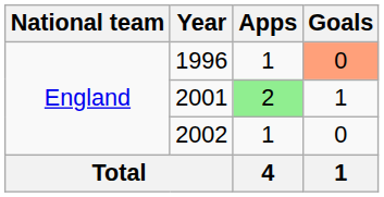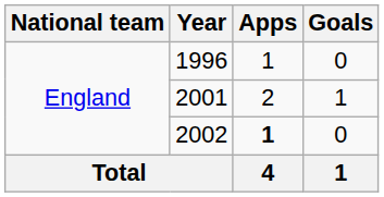 <table class="wikitable" style="text-align:center">
 <tr>
 <th>National team</th>
 <th>Year</th>
 <th>Apps</th>
 <th>Goals</th>
 </tr>
 <tr>
 <td rowspan="3"><a href='#'>England</a></td>
 <td>1996</td>
 <td>1</td>
-<td style="background: lightsalmon;">0</td>
+<td>0</td>
 </tr>
 <tr>
 <td>2001</td>
-<td style="background: lightgreen;">2</td>
+<td>2</td>
 <td>1</td>
 </tr>
 <tr>
 <td>2002</td>
-<td>1</td>
+<td><strong>1</strong></td>
 <td>0</td>
 </tr>
 <tr>
 <th colspan="2">Total</th>
 <th>4</th>
 <th>1</th>
 </tr>
 </table>
